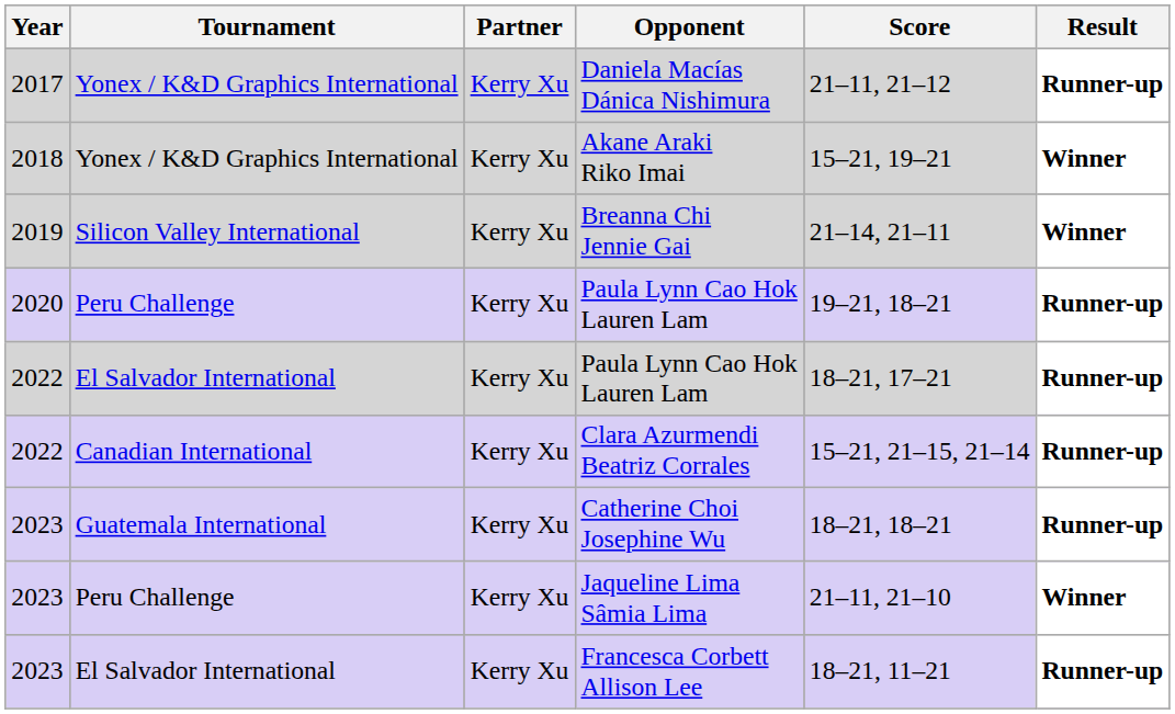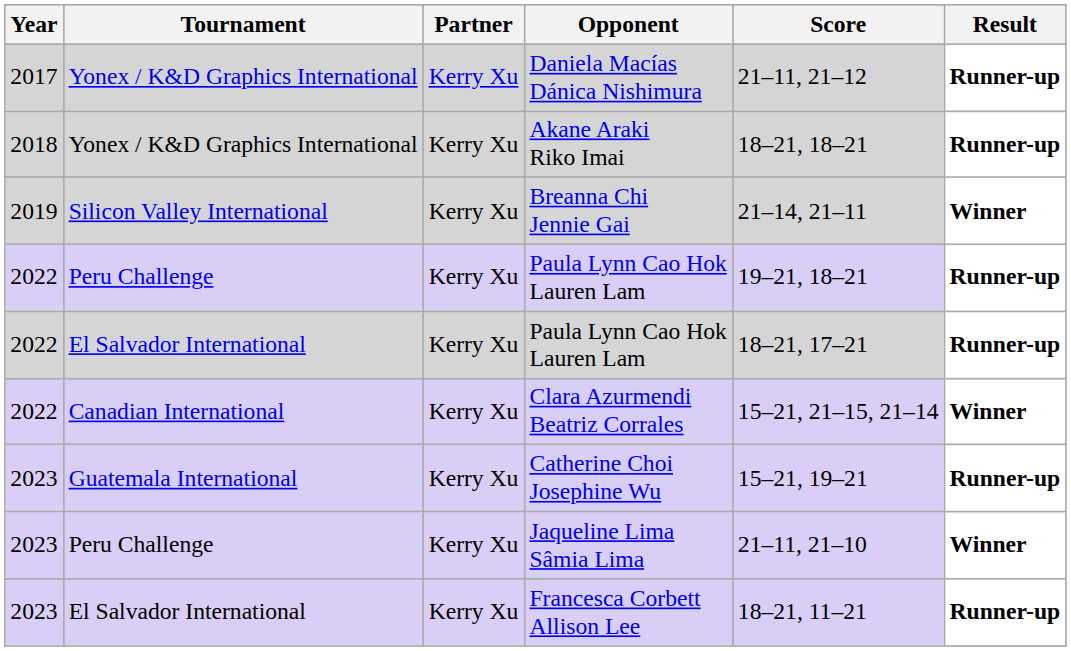 <table class="sortable wikitable" style="font-size: 90%;">
 <tr>
 <th>Year</th>
 <th>Tournament</th>
 <th>Partner</th>
 <th>Opponent</th>
 <th>Score</th>
 <th>Result</th>
 </tr>
 <tr style="background:#D5D5D5">
 <td align="center">2017</td>
 <td align="left"><a href='#'>Yonex / K&D Graphics International</a></td>
 <td align="left"> <a href='#'>Kerry Xu</a></td>
 <td align="left"> <a href='#'>Daniela Macías</a><br> <a href='#'>Dánica Nishimura</a></td>
 <td align="left">21–11, 21–12</td>
 <td style="text-align:left; background:white"> <strong>Runner-up</strong></td>
 </tr>
 <tr style="background:#D5D5D5">
 <td align="center">2018</td>
 <td align="left">Yonex / K&D Graphics International</td>
 <td align="left"> Kerry Xu</td>
 <td align="left"> <a href='#'>Akane Araki</a><br> Riko Imai</td>
-<td align="left">15–21, 19–21</td>
-<td style="text-align:left; background:white"> <strong>Winner</strong></td>
+<td align="left">18–21, 18–21</td>
+<td style="text-align:left; background:white"> <strong>Runner-up</strong></td>
 </tr>
 <tr style="background:#D5D5D5">
 <td align="center">2019</td>
 <td align="left"><a href='#'>Silicon Valley International</a></td>
 <td align="left"> Kerry Xu</td>
 <td align="left"> <a href='#'>Breanna Chi</a><br> <a href='#'>Jennie Gai</a></td>
 <td align="left">21–14, 21–11</td>
 <td style="text-align:left; background:white"> <strong>Winner</strong></td>
 </tr>
 <tr style="background:#D8CEF6">
-<td align="center">2020</td>
+<td align="center">2022</td>
 <td align="left"><a href='#'>Peru Challenge</a></td>
 <td align="left"> Kerry Xu</td>
 <td align="left"> <a href='#'>Paula Lynn Cao Hok</a><br> Lauren Lam</td>
 <td align="left">19–21, 18–21</td>
 <td style="text-align:left; background:white"> <strong>Runner-up</strong></td>
 </tr>
 <tr style="background:#D5D5D5">
 <td align="center">2022</td>
 <td align="left"><a href='#'>El Salvador International</a></td>
 <td align="left"> Kerry Xu</td>
 <td align="left"> Paula Lynn Cao Hok<br> Lauren Lam</td>
 <td align="left">18–21, 17–21</td>
 <td style="text-align:left; background:white"> <strong>Runner-up</strong></td>
 </tr>
 <tr style="background:#D8CEF6">
 <td align="center">2022</td>
 <td align="left"><a href='#'>Canadian International</a></td>
 <td align="left"> Kerry Xu</td>
 <td align="left"> <a href='#'>Clara Azurmendi</a><br> <a href='#'>Beatriz Corrales</a></td>
 <td align="left">15–21, 21–15, 21–14</td>
-<td style="text-align:left; background:white"> <strong>Runner-up</strong></td>
+<td style="text-align:left; background:white"> <strong>Winner</strong></td>
 </tr>
 <tr style="background:#D8CEF6">
 <td align="center">2023</td>
 <td align="left"><a href='#'>Guatemala International</a></td>
 <td align="left"> Kerry Xu</td>
 <td align="left"> <a href='#'>Catherine Choi</a><br> <a href='#'>Josephine Wu</a></td>
-<td align="left">18–21, 18–21</td>
+<td align="left">15–21, 19–21</td>
 <td style="text-align:left; background:white"> <strong>Runner-up</strong></td>
 </tr>
 <tr style="background:#D8CEF6">
 <td align="center">2023</td>
 <td align="left">Peru Challenge</td>
 <td align="left"> Kerry Xu</td>
 <td align="left"> <a href='#'>Jaqueline Lima</a><br> <a href='#'>Sâmia Lima</a></td>
 <td align="left">21–11, 21–10</td>
 <td style="text-align:left; background:white"> <strong>Winner</strong></td>
 </tr>
 <tr style="background:#D8CEF6">
 <td align="center">2023</td>
 <td align="left">El Salvador International</td>
 <td align="left"> Kerry Xu</td>
 <td align="left"> <a href='#'>Francesca Corbett</a><br> <a href='#'>Allison Lee</a></td>
 <td align="left">18–21, 11–21</td>
 <td style="text-align:left; background:white"> <strong>Runner-up</strong></td>
 </tr>
 </table>
